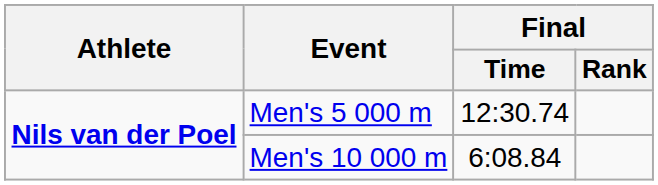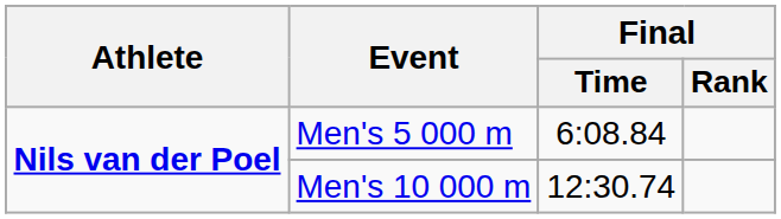 <table class="wikitable" style="font-size:90%">
 <tr>
 <th rowspan=2>Athlete</th>
 <th rowspan=2>Event</th>
 <th colspan=2>Final</th>
 </tr>
 <tr style="font-size:95%">
 <th>Time</th>
 <th>Rank</th>
 </tr>
 <tr align=center>
 <td align=left rowspan=2><strong><a href='#'>Nils van der Poel</a></strong></td>
 <td align=left><a href='#'>Men's 5 000 m</a></td>
-<td>12:30.74  </td>
+<td>6:08.84 </td>
 <td></td>
 </tr>
 <tr align=center>
 <td align=left><a href='#'>Men's 10 000 m</a></td>
-<td>6:08.84 </td>
+<td>12:30.74  </td>
 <td></td>
 </tr>
 </table>
